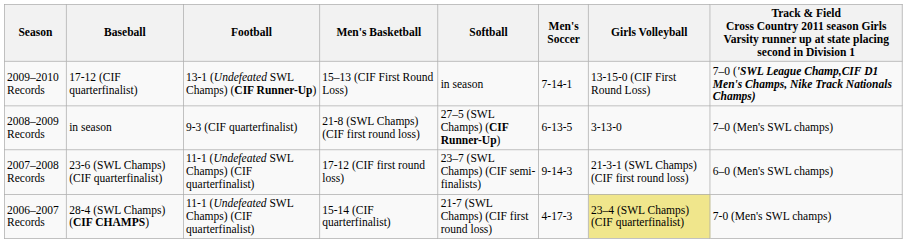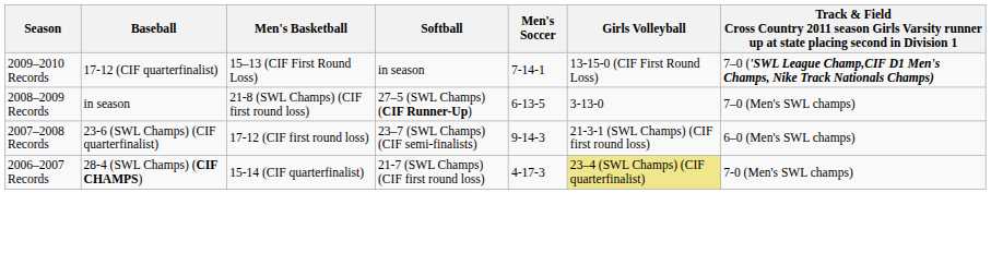 <table class="wikitable" border="1">
 <tr>
 <th>Season</th>
 <th>Baseball</th>
-<th>Football</th>
 <th>Men's Basketball</th>
 <th>Softball</th>
 <th>Men's Soccer</th>
 <th>Girls Volleyball</th>
 <th>Track & Field<br>Cross Country  2011 season Girls Varsity  runner up at state placing second in Division 1</th>
 </tr>
 <tr>
 <td>2009–2010 Records</td>
 <td>17-12 (CIF quarterfinalist)</td>
-<td>13-1 (<em>Undefeated</em> SWL Champs) (<strong>CIF Runner-Up</strong>)</td>
 <td>15–13 (CIF First Round Loss)</td>
 <td>in season</td>
 <td>7-14-1</td>
 <td>13-15-0 (CIF First Round Loss)</td>
 <td>7–0 (<strong><em>'SWL League Champ,CIF D1 Men's Champs, Nike Track Nationals Champs<strong>)</strong></td>
 </tr>
 <tr>
 <td>2008–2009 Records</td>
 <td>in season</td>
-<td>9-3 (CIF quarterfinalist)</td>
 <td>21-8 (SWL Champs) (CIF first round loss)</td>
 <td>27–5 (SWL Champs) (<strong>CIF Runner-Up</strong>)</td>
 <td>6-13-5</td>
 <td>3-13-0</td>
 <td>7–0 (Men's SWL champs)</td>
 </tr>
 <tr>
 <td>2007–2008 Records</td>
 <td>23-6 (SWL Champs) (CIF quarterfinalist)</td>
-<td>11-1 (<em>Undefeated</em> SWL Champs) (CIF quarterfinalist)</td>
 <td>17-12 (CIF first round loss)</td>
 <td>23–7 (SWL Champs) (CIF semi-finalists)</td>
 <td>9-14-3</td>
 <td>21-3-1 (SWL Champs) (CIF first round loss)</td>
 <td>6–0 (Men's SWL champs)</td>
 </tr>
 <tr>
 <td>2006–2007 Records</td>
 <td>28-4 (SWL Champs) (<strong>CIF CHAMPS</strong>)</td>
-<td>11-1 (<em>Undefeated</em> SWL Champs) (CIF quarterfinalist)</td>
 <td>15-14 (CIF quarterfinalist)</td>
 <td>21-7 (SWL Champs) (CIF first round loss)</td>
 <td>4-17-3</td>
 <td style="background: khaki;">23–4 (SWL Champs) (CIF quarterfinalist)</td>
 <td>7-0 (Men's SWL champs)</td>
 </tr>
 </table>
